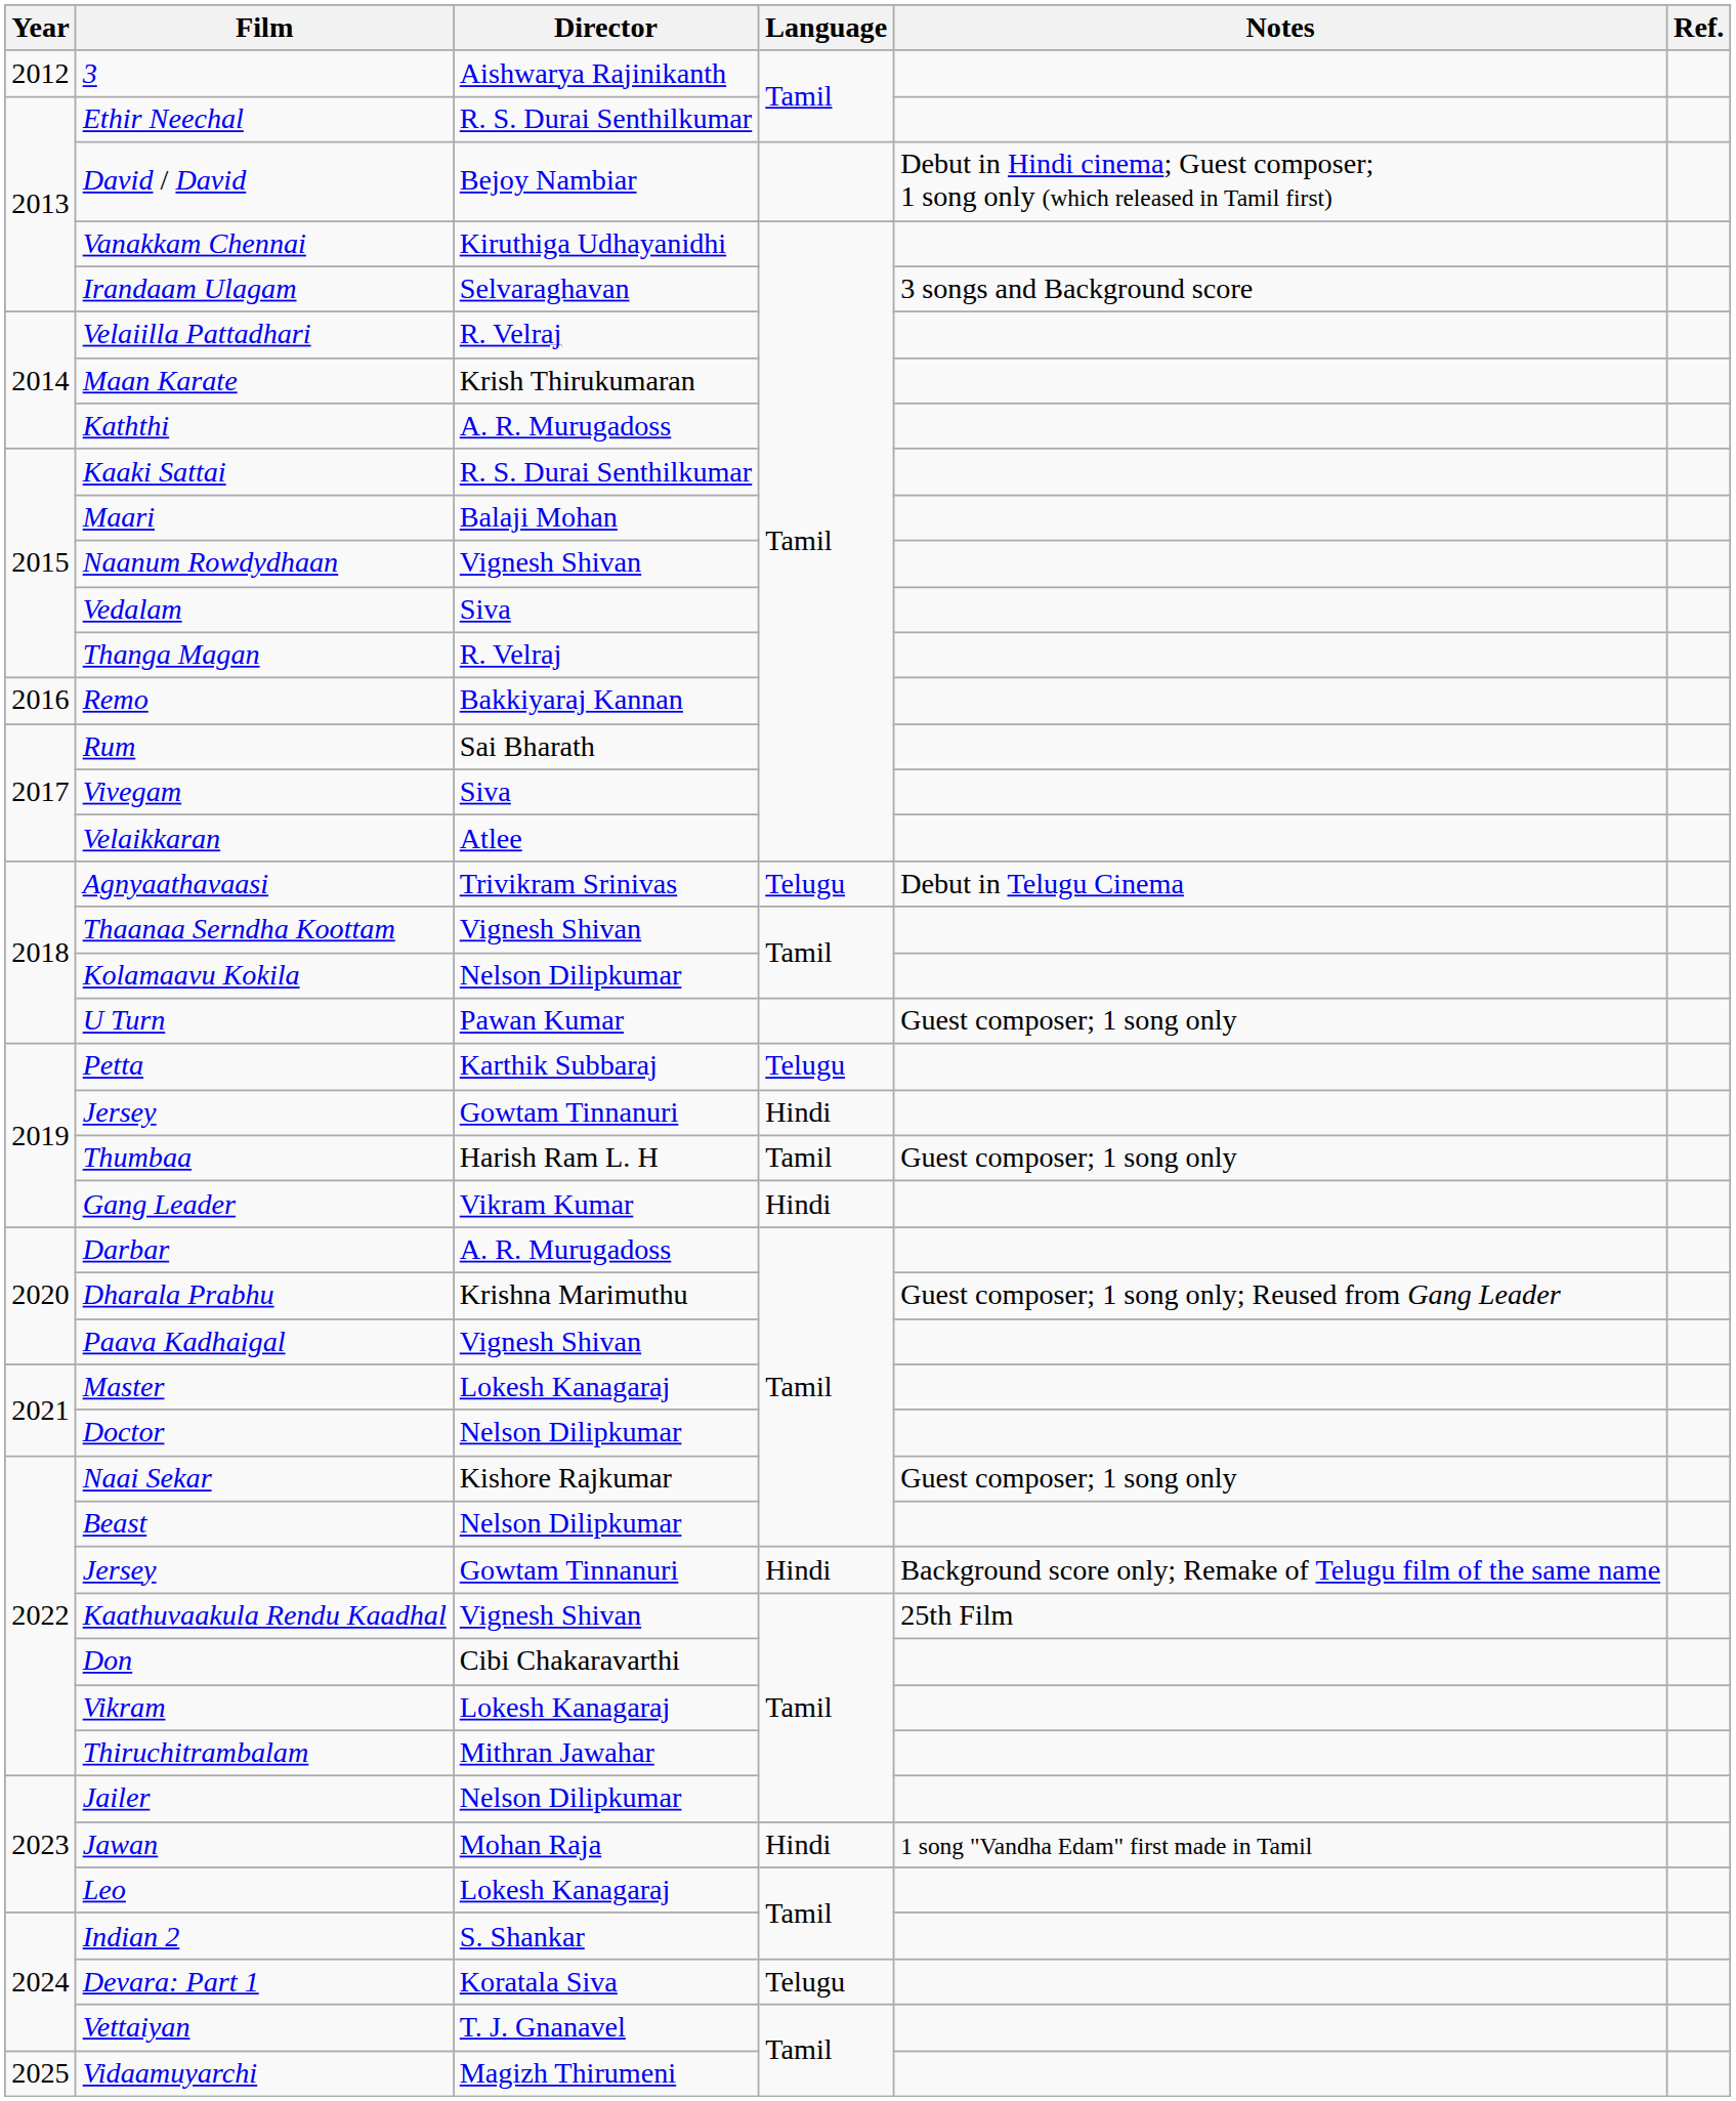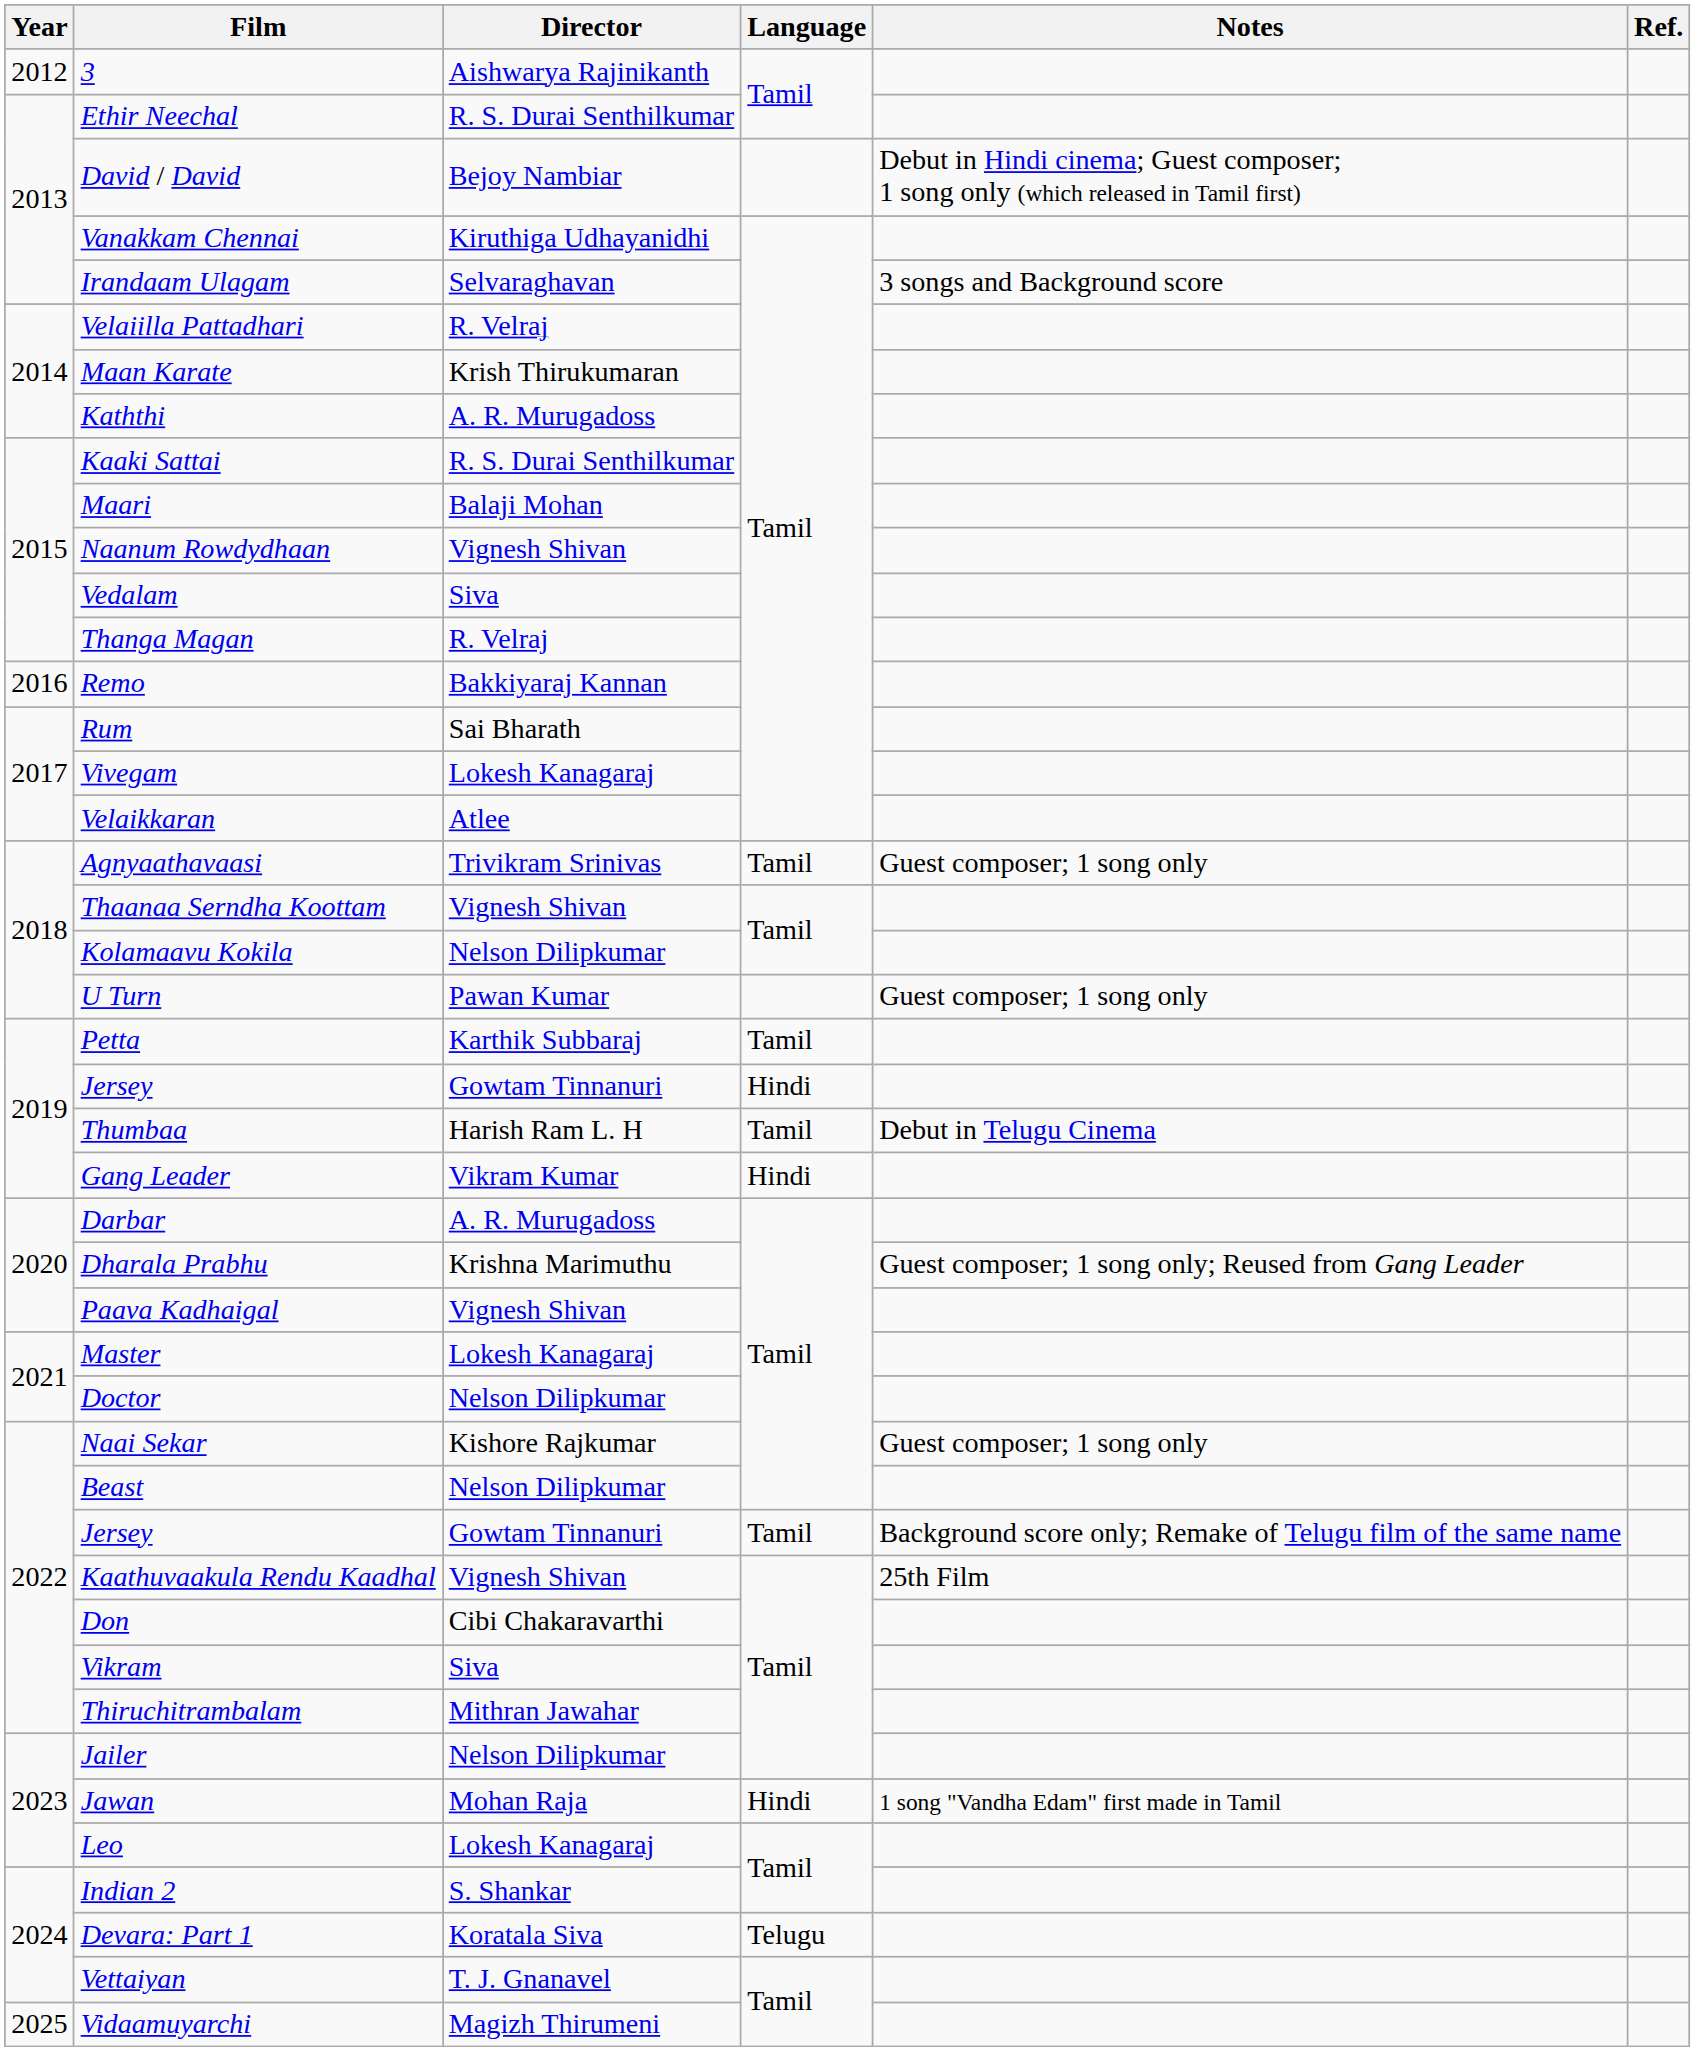 <table class="wikitable sortable">
 <tr>
 <th scope="col">Year</th>
 <th scope="col">Film</th>
 <th scope="col">Director</th>
 <th scope="col">Language</th>
 <th scope="col" class="unsortable">Notes</th>
 <th>Ref.</th>
 </tr>
 <tr>
 <td>2012</td>
 <td><em><a href='#'>3</a></em></td>
 <td><a href='#'>Aishwarya Rajinikanth</a></td>
 <td rowspan="2"><a href='#'>Tamil</a></td>
 <td></td>
 <td></td>
 </tr>
 <tr>
 <td rowspan="4">2013</td>
 <td><em><a href='#'>Ethir Neechal</a></em></td>
 <td><a href='#'>R. S. Durai Senthilkumar</a></td>
 <td></td>
 <td></td>
 </tr>
 <tr>
 <td><em><a href='#'>David</a></em> / <em><a href='#'>David</a></em></td>
 <td><a href='#'>Bejoy Nambiar</a></td>
 <td></td>
 <td>Debut in <a href='#'>Hindi cinema</a>; Guest composer;<br>1 song only <small>(which released in Tamil first)</small></td>
 <td></td>
 </tr>
 <tr>
 <td><em><a href='#'>Vanakkam Chennai</a></em></td>
 <td><a href='#'>Kiruthiga Udhayanidhi</a></td>
 <td rowspan="14">Tamil</td>
 <td></td>
 <td></td>
 </tr>
 <tr>
 <td><em><a href='#'>Irandaam Ulagam</a></em></td>
 <td><a href='#'>Selvaraghavan</a></td>
 <td>3 songs and Background score</td>
 <td></td>
 </tr>
 <tr>
 <td rowspan="3">2014</td>
 <td><em><a href='#'>Velaiilla Pattadhari</a></em></td>
 <td><a href='#'>R. Velraj</a></td>
 <td></td>
 <td></td>
 </tr>
 <tr>
 <td><em><a href='#'>Maan Karate</a></em></td>
 <td>Krish Thirukumaran</td>
 <td></td>
 <td></td>
 </tr>
 <tr>
 <td><em><a href='#'>Kaththi</a></em></td>
 <td><a href='#'>A. R. Murugadoss</a></td>
 <td></td>
 <td></td>
 </tr>
 <tr>
 <td rowspan="5">2015</td>
 <td><em><a href='#'>Kaaki Sattai</a></em></td>
 <td><a href='#'>R. S. Durai Senthilkumar</a></td>
 <td></td>
 <td></td>
 </tr>
 <tr>
 <td><em><a href='#'>Maari</a></em></td>
 <td><a href='#'>Balaji Mohan</a></td>
 <td></td>
 <td></td>
 </tr>
 <tr>
 <td><em><a href='#'>Naanum Rowdydhaan</a></em></td>
 <td><a href='#'>Vignesh Shivan</a></td>
 <td></td>
 <td></td>
 </tr>
 <tr>
 <td><em><a href='#'>Vedalam</a></em></td>
 <td><a href='#'>Siva</a></td>
 <td></td>
 <td></td>
 </tr>
 <tr>
 <td><em><a href='#'>Thanga Magan</a></em></td>
 <td><a href='#'>R. Velraj</a></td>
 <td></td>
 <td></td>
 </tr>
 <tr>
 <td rowspan="1">2016</td>
 <td><em><a href='#'>Remo</a></em></td>
 <td><a href='#'>Bakkiyaraj Kannan</a></td>
 <td></td>
 <td></td>
 </tr>
 <tr>
 <td rowspan="3">2017</td>
 <td><em><a href='#'>Rum</a></em></td>
 <td>Sai Bharath</td>
 <td></td>
 <td></td>
 </tr>
 <tr>
 <td><em><a href='#'>Vivegam</a></em></td>
-<td><a href='#'>Siva</a></td>
+<td><a href='#'>Lokesh Kanagaraj</a></td>
 <td></td>
 <td></td>
 </tr>
 <tr>
 <td><em><a href='#'>Velaikkaran</a></em></td>
 <td><a href='#'>Atlee</a></td>
 <td></td>
 <td></td>
 </tr>
 <tr>
 <td rowspan="4">2018</td>
 <td><em><a href='#'>Agnyaathavaasi</a></em></td>
 <td><a href='#'>Trivikram Srinivas</a></td>
-<td><a href='#'>Telugu</a></td>
-<td>Debut in <a href='#'>Telugu Cinema</a></td>
+<td>Tamil</td>
+<td>Guest composer; 1 song only</td>
 <td></td>
 </tr>
 <tr>
 <td><em><a href='#'>Thaanaa Serndha Koottam</a></em></td>
 <td><a href='#'>Vignesh Shivan</a></td>
 <td rowspan="2">Tamil</td>
 <td></td>
 <td></td>
 </tr>
 <tr>
 <td><em><a href='#'>Kolamaavu Kokila</a></em></td>
 <td><a href='#'>Nelson Dilipkumar</a></td>
 <td></td>
 <td></td>
 </tr>
 <tr>
 <td><a href='#'><em>U Turn</em></a></td>
 <td><a href='#'>Pawan Kumar</a></td>
 <td></td>
 <td>Guest composer; 1 song only</td>
 <td></td>
 </tr>
 <tr>
 <td rowspan="4">2019</td>
 <td><em><a href='#'>Petta</a></em></td>
 <td><a href='#'>Karthik Subbaraj</a></td>
-<td><a href='#'>Telugu</a></td>
+<td>Tamil</td>
 <td></td>
 <td></td>
 </tr>
 <tr>
 <td><em><a href='#'>Jersey</a></em></td>
 <td><a href='#'>Gowtam Tinnanuri</a></td>
 <td>Hindi</td>
 <td></td>
 <td></td>
 </tr>
 <tr>
 <td><em><a href='#'>Thumbaa</a></em></td>
 <td>Harish Ram L. H</td>
 <td>Tamil</td>
-<td>Guest composer; 1 song only</td>
+<td>Debut in <a href='#'>Telugu Cinema</a></td>
 <td></td>
 </tr>
 <tr>
 <td><em><a href='#'>Gang Leader</a></em></td>
 <td><a href='#'>Vikram Kumar</a></td>
 <td>Hindi</td>
 <td></td>
 <td></td>
 </tr>
 <tr>
 <td rowspan="3">2020</td>
 <td><em><a href='#'>Darbar</a></em></td>
 <td><a href='#'>A. R. Murugadoss</a></td>
 <td rowspan="7">Tamil</td>
 <td></td>
 <td></td>
 </tr>
 <tr>
 <td><em><a href='#'>Dharala Prabhu</a></em></td>
 <td>Krishna Marimuthu</td>
 <td>Guest composer; 1 song only; Reused from <em>Gang Leader</em></td>
 <td></td>
 </tr>
 <tr>
 <td><em><a href='#'>Paava Kadhaigal</a></em></td>
 <td><a href='#'>Vignesh Shivan</a></td>
 <td></td>
 <td></td>
 </tr>
 <tr>
 <td rowspan="2">2021</td>
 <td><em><a href='#'>Master</a></em></td>
 <td><a href='#'>Lokesh Kanagaraj</a></td>
 <td></td>
 <td></td>
 </tr>
 <tr>
 <td><em><a href='#'>Doctor</a></em></td>
 <td><a href='#'>Nelson Dilipkumar</a></td>
 <td></td>
 <td></td>
 </tr>
 <tr>
 <td rowspan="7">2022</td>
 <td><em><a href='#'>Naai Sekar</a></em></td>
 <td>Kishore Rajkumar</td>
 <td>Guest composer; 1 song only</td>
 <td></td>
 </tr>
 <tr>
 <td><em><a href='#'>Beast</a></em></td>
 <td><a href='#'>Nelson Dilipkumar</a></td>
 <td></td>
 <td></td>
 </tr>
 <tr>
 <td><em><a href='#'>Jersey</a></em></td>
 <td><a href='#'>Gowtam Tinnanuri</a></td>
-<td>Hindi</td>
+<td>Tamil</td>
 <td>Background score only; Remake of <a href='#'>Telugu film of the same name</a></td>
 <td></td>
 </tr>
 <tr>
 <td><em><a href='#'>Kaathuvaakula Rendu Kaadhal</a></em></td>
 <td><a href='#'>Vignesh Shivan</a></td>
 <td rowspan="5">Tamil</td>
 <td>25th Film</td>
 <td></td>
 </tr>
 <tr>
 <td><em><a href='#'>Don</a></em></td>
 <td>Cibi Chakaravarthi</td>
 <td></td>
 <td></td>
 </tr>
 <tr>
 <td><em><a href='#'>Vikram</a></em></td>
-<td><a href='#'>Lokesh Kanagaraj</a></td>
+<td><a href='#'>Siva</a></td>
 <td></td>
 <td></td>
 </tr>
 <tr>
 <td><em><a href='#'>Thiruchitrambalam</a></em></td>
 <td><a href='#'>Mithran Jawahar</a></td>
 <td></td>
 <td></td>
 </tr>
 <tr>
 <td rowspan="3">2023</td>
 <td><em><a href='#'>Jailer</a></em></td>
 <td><a href='#'>Nelson Dilipkumar</a></td>
 <td></td>
 <td></td>
 </tr>
 <tr>
 <td><em><a href='#'>Jawan</a></em></td>
 <td><a href='#'>Mohan Raja</a></td>
 <td>Hindi</td>
 <td><small>1 song "Vandha Edam" first made in Tamil</small></td>
 <td></td>
 </tr>
 <tr>
 <td><em><a href='#'>Leo</a></em></td>
 <td><a href='#'>Lokesh Kanagaraj</a></td>
 <td rowspan="2">Tamil</td>
 <td></td>
 <td></td>
 </tr>
 <tr>
 <td rowspan="3">2024</td>
 <td><em><a href='#'>Indian 2</a></em></td>
 <td><a href='#'>S. Shankar</a></td>
 <td></td>
 <td></td>
 </tr>
 <tr>
 <td><em><a href='#'>Devara: Part 1</a></em></td>
 <td><a href='#'>Koratala Siva</a></td>
 <td>Telugu</td>
 <td></td>
 <td></td>
 </tr>
 <tr>
 <td><em><a href='#'>Vettaiyan</a></em></td>
 <td><a href='#'>T. J. Gnanavel</a></td>
 <td rowspan="2">Tamil</td>
 <td></td>
 <td style="text.align:center:"></td>
 </tr>
 <tr>
 <td>2025</td>
 <td><em><a href='#'>Vidaamuyarchi</a></em></td>
 <td><a href='#'>Magizh Thirumeni</a></td>
 <td></td>
 <td></td>
 </tr>
 </table>
